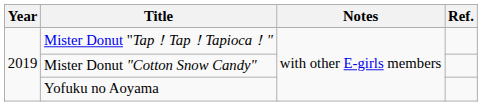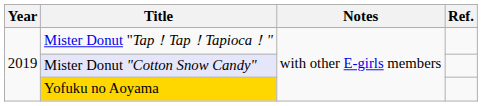 <table class="wikitable">
 <tr>
 <th>Year</th>
 <th>Title</th>
 <th>Notes</th>
 <th>Ref.</th>
 </tr>
 <tr>
 <td rowspan="3">2019</td>
 <td><a href='#'>Mister Donut</a> "<em>Tap！Tap！Tapioca！"</em></td>
 <td rowspan="3">with other <a href='#'>E-girls</a> members</td>
 <td></td>
 </tr>
 <tr>
-<td>Mister Donut <em>"Cotton Snow Candy"</em></td>
+<td style="background: lavender;">Mister Donut <em>"Cotton Snow Candy"</em></td>
 <td></td>
 </tr>
 <tr>
-<td>Yofuku no Aoyama</td>
+<td style="background: gold;">Yofuku no Aoyama</td>
 <td></td>
 </tr>
 </table>
